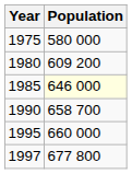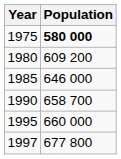 <table class="wikitable">
 <tr>
 <th>Year</th>
 <th>Population</th>
 </tr>
 <tr>
 <td>1975</td>
-<td>580 000</td>
+<td><strong>580 000</strong></td>
 </tr>
 <tr>
 <td>1980</td>
 <td>609 200</td>
 </tr>
 <tr>
 <td>1985</td>
-<td style="background: lightyellow;">646 000</td>
+<td>646 000</td>
 </tr>
 <tr>
 <td>1990</td>
 <td>658 700</td>
 </tr>
 <tr>
 <td>1995</td>
 <td>660 000</td>
 </tr>
 <tr>
 <td>1997</td>
 <td>677 800</td>
 </tr>
 </table>
